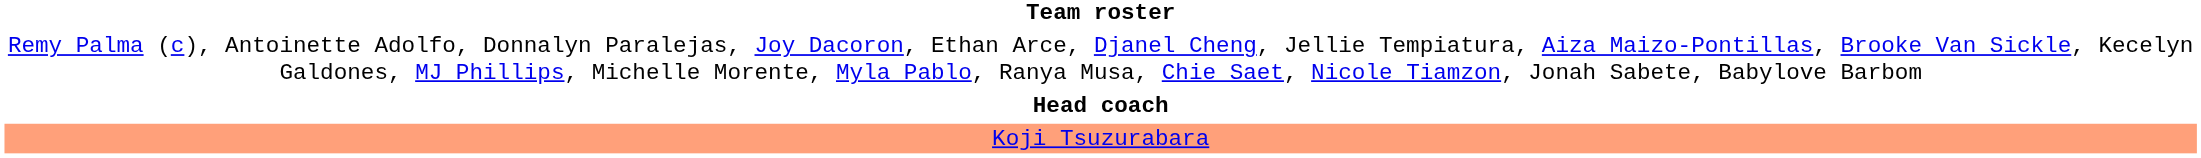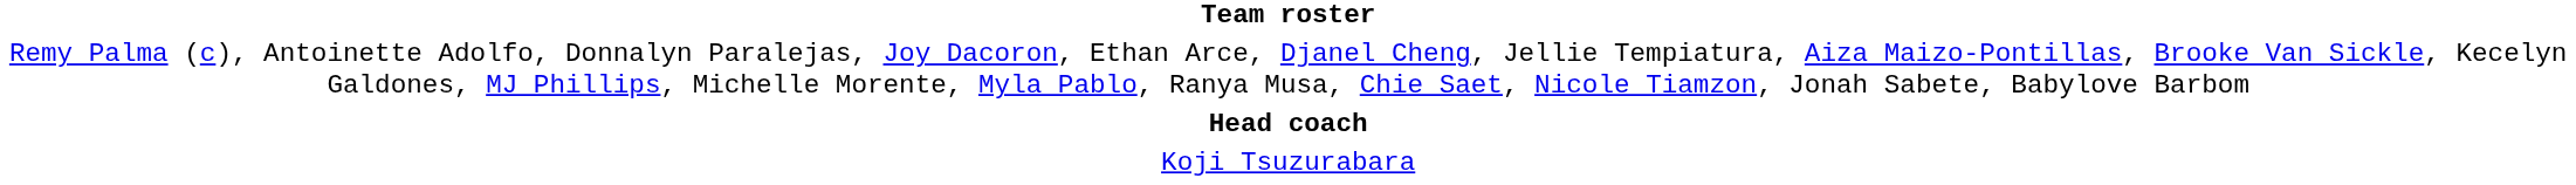 <table style="text-align:center; margin-top:2em; margin-left:auto; margin-right:auto">
 <tr>
 <td><strong>Team roster</strong></td>
 </tr>
 <tr>
 <td><a href='#'>Remy Palma</a> (<a href='#'>c</a>), Antoinette Adolfo, Donnalyn Paralejas, <a href='#'>Joy Dacoron</a>, Ethan Arce, <a href='#'>Djanel Cheng</a>, Jellie Tempiatura, <a href='#'>Aiza Maizo-Pontillas</a>, <a href='#'>Brooke Van  Sickle</a>, Kecelyn Galdones, <a href='#'>MJ Phillips</a>, Michelle Morente, <a href='#'>Myla Pablo</a>, Ranya Musa, <a href='#'>Chie Saet</a>, <a href='#'>Nicole Tiamzon</a>, Jonah Sabete, Babylove Barbom</td>
 </tr>
 <tr>
 <td><strong>Head coach</strong></td>
 </tr>
 <tr>
-<td style="background: lightsalmon;"><a href='#'>Koji Tsuzurabara</a></td>
+<td><a href='#'>Koji Tsuzurabara</a></td>
 </tr>
 </table>
